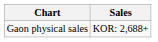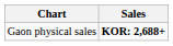 <table class="wikitable">
 <tr>
 <th>Chart</th>
 <th>Sales</th>
 </tr>
 <tr>
 <td>Gaon physical sales</td>
-<td align="center">KOR: 2,688+</td>
+<td align="center"><strong>KOR: 2,688+</strong></td>
 </tr>
 </table>
